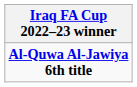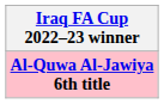 <table class="wikitable" style="text-align: center; margin: 0 auto;">
 <tr>
 <th><a href='#'>Iraq FA Cup</a><br>2022–23 winner</th>
 </tr>
 <tr>
-<td><strong><a href='#'>Al-Quwa Al-Jawiya</a></strong><br><strong>6th title</strong></td>
+<td style="background: pink;"><strong><a href='#'>Al-Quwa Al-Jawiya</a></strong><br><strong>6th title</strong></td>
 </tr>
 </table>
